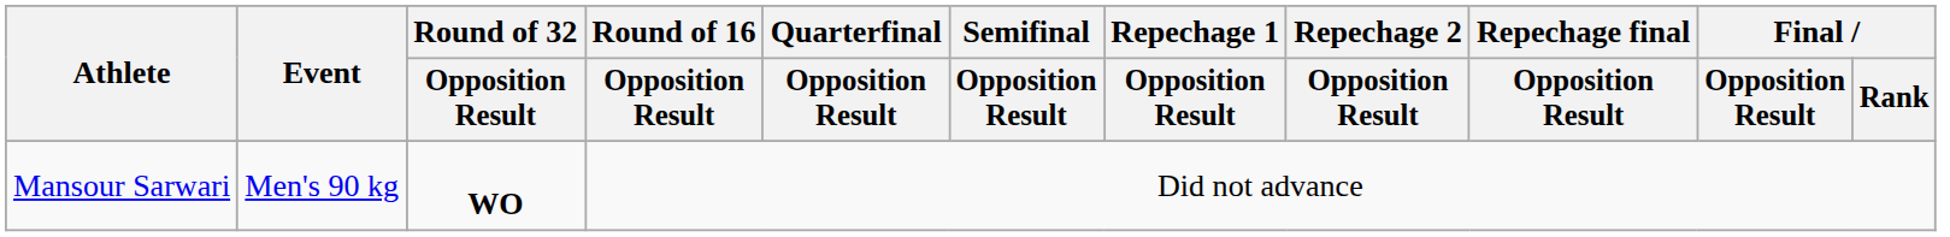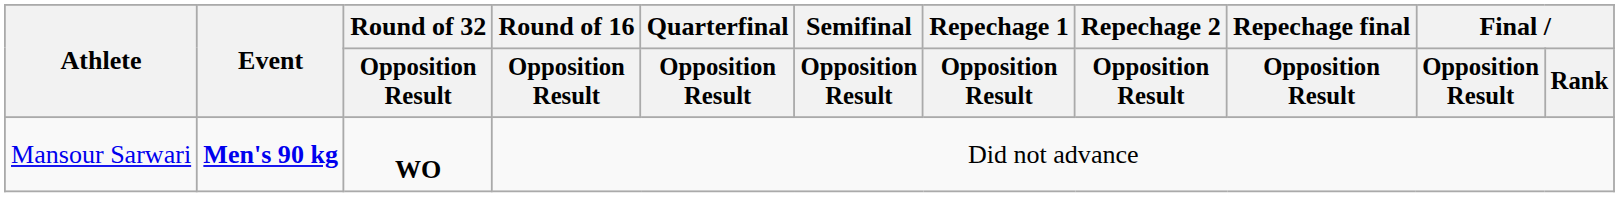 <table class=wikitable style=font-size:90%;text-align:center>
 <tr>
 <th rowspan="2">Athlete</th>
 <th rowspan="2">Event</th>
 <th>Round of 32</th>
 <th>Round of 16</th>
 <th>Quarterfinal</th>
 <th>Semifinal</th>
 <th>Repechage 1</th>
 <th>Repechage 2</th>
 <th>Repechage final</th>
 <th colspan=2>Final / </th>
 </tr>
 <tr style="font-size: 95%">
 <th>Opposition<br>Result</th>
 <th>Opposition<br>Result</th>
 <th>Opposition<br>Result</th>
 <th>Opposition<br>Result</th>
 <th>Opposition<br>Result</th>
 <th>Opposition<br>Result</th>
 <th>Opposition<br>Result</th>
 <th>Opposition<br>Result</th>
 <th>Rank</th>
 </tr>
 <tr>
 <td align=left><a href='#'>Mansour Sarwari</a></td>
-<td align=left><a href='#'>Men's 90 kg</a></td>
+<td align=left><strong><a href='#'>Men's 90 kg</a></strong></td>
 <td><br><strong>WO</strong></td>
 <td colspan=8>Did not advance</td>
 </tr>
 </table>
